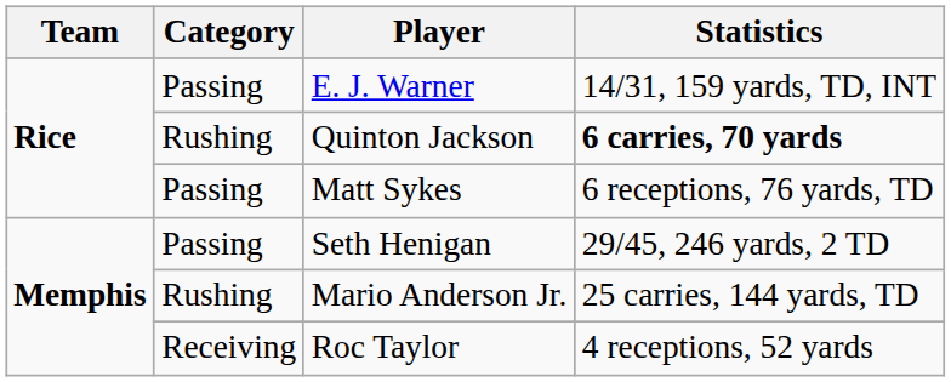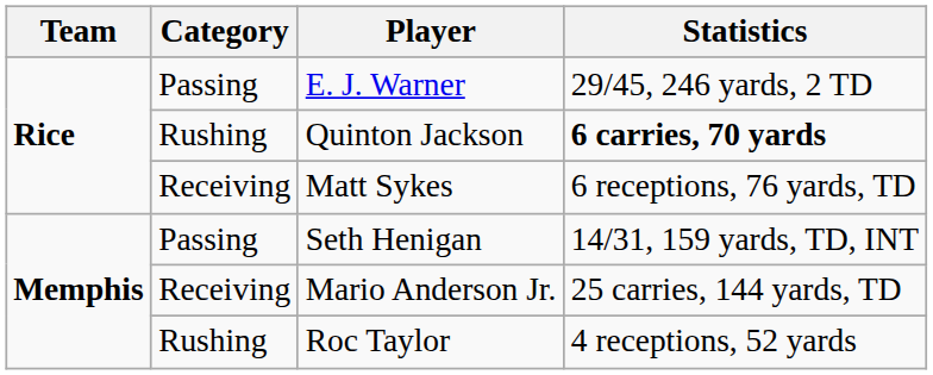 <table class="wikitable" style="float: right;">
 <tr>
 <th>Team</th>
 <th>Category</th>
 <th>Player</th>
 <th>Statistics</th>
 </tr>
 <tr>
 <td rowspan=3><strong>Rice</strong></td>
 <td>Passing</td>
 <td><a href='#'>E. J. Warner</a></td>
-<td>14/31, 159 yards, TD, INT</td>
+<td>29/45, 246 yards, 2 TD</td>
 </tr>
 <tr>
 <td>Rushing</td>
 <td>Quinton Jackson</td>
 <td><strong>6 carries, 70 yards</strong></td>
 </tr>
 <tr>
-<td>Passing</td>
+<td>Receiving</td>
 <td>Matt Sykes</td>
 <td>6 receptions, 76 yards, TD</td>
 </tr>
 <tr>
 <td rowspan=3><strong>Memphis</strong></td>
 <td>Passing</td>
 <td>Seth Henigan</td>
-<td>29/45, 246 yards, 2 TD</td>
+<td>14/31, 159 yards, TD, INT</td>
 </tr>
 <tr>
-<td>Rushing</td>
+<td>Receiving</td>
 <td>Mario Anderson Jr.</td>
 <td>25 carries, 144 yards, TD</td>
 </tr>
 <tr>
-<td>Receiving</td>
+<td>Rushing</td>
 <td>Roc Taylor</td>
 <td>4 receptions, 52 yards</td>
 </tr>
 </table>
